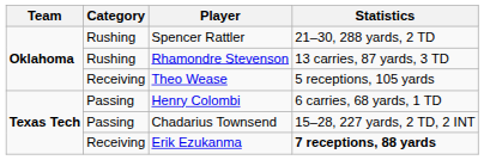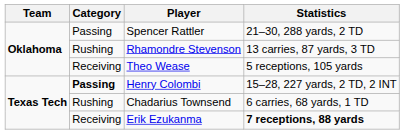 <table class="wikitable" style="float: right;">
 <tr>
 <th>Team</th>
 <th>Category</th>
 <th>Player</th>
 <th>Statistics</th>
 </tr>
 <tr>
 <td rowspan=3><strong>Oklahoma</strong></td>
-<td>Rushing</td>
+<td>Passing</td>
 <td>Spencer Rattler</td>
 <td>21–30, 288 yards, 2 TD</td>
 </tr>
 <tr>
 <td>Rushing</td>
 <td><a href='#'>Rhamondre Stevenson</a></td>
 <td>13 carries, 87 yards, 3 TD</td>
 </tr>
 <tr>
 <td>Receiving</td>
 <td><a href='#'>Theo Wease</a></td>
 <td>5 receptions, 105 yards</td>
 </tr>
 <tr>
 <td rowspan=3><strong>Texas Tech</strong></td>
-<td>Passing</td>
+<td><strong>Passing</strong></td>
 <td><a href='#'>Henry Colombi</a></td>
-<td>6 carries, 68 yards, 1 TD</td>
+<td>15–28, 227 yards, 2 TD, 2 INT</td>
 </tr>
 <tr>
-<td>Passing</td>
+<td>Rushing</td>
 <td>Chadarius Townsend</td>
-<td>15–28, 227 yards, 2 TD, 2 INT</td>
+<td>6 carries, 68 yards, 1 TD</td>
 </tr>
 <tr>
 <td>Receiving</td>
 <td><a href='#'>Erik Ezukanma</a></td>
 <td><strong>7 receptions, 88 yards</strong></td>
 </tr>
 </table>
